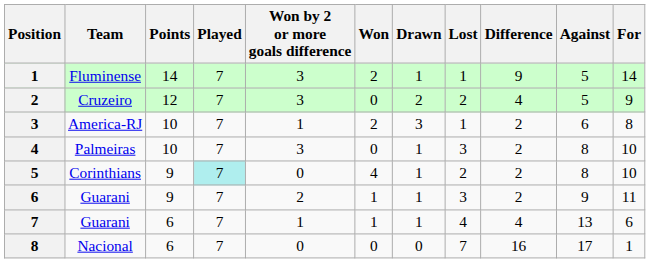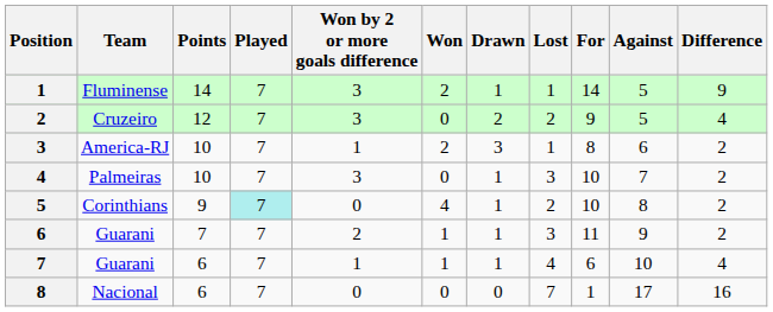 <table class="wikitable" style="text-align:center">
 <tr>
 <th>Position</th>
 <th>Team</th>
 <th>Points</th>
 <th>Played</th>
 <th>Won by 2<br> or more<br> goals difference</th>
 <th>Won</th>
 <th>Drawn</th>
 <th>Lost</th>
+<th>For</th>
+<th>Against</th>
 <th>Difference</th>
-<th>Against</th>
-<th>For</th>
 </tr>
 <tr style="background: #ccffcc;">
 <th>1</th>
 <td><a href='#'>Fluminense</a></td>
 <td>14</td>
 <td>7</td>
 <td>3</td>
 <td>2</td>
 <td>1</td>
 <td>1</td>
+<td>14</td>
+<td>5</td>
 <td>9</td>
-<td>5</td>
-<td>14</td>
 </tr>
 <tr style="background: #ccffcc;">
 <th>2</th>
 <td><a href='#'>Cruzeiro</a></td>
 <td>12</td>
 <td>7</td>
 <td>3</td>
 <td>0</td>
 <td>2</td>
 <td>2</td>
+<td>9</td>
+<td>5</td>
 <td>4</td>
-<td>5</td>
-<td>9</td>
 </tr>
 <tr>
 <th>3</th>
 <td><a href='#'>America-RJ</a></td>
 <td>10</td>
 <td>7</td>
 <td>1</td>
 <td>2</td>
 <td>3</td>
 <td>1</td>
+<td>8</td>
+<td>6</td>
 <td>2</td>
-<td>6</td>
-<td>8</td>
 </tr>
 <tr>
 <th>4</th>
 <td><a href='#'>Palmeiras</a></td>
 <td>10</td>
 <td>7</td>
 <td>3</td>
 <td>0</td>
 <td>1</td>
 <td>3</td>
+<td>10</td>
+<td>7</td>
 <td>2</td>
-<td>8</td>
-<td>10</td>
 </tr>
 <tr>
 <th>5</th>
 <td><a href='#'>Corinthians</a></td>
 <td>9</td>
 <td style="background: paleturquoise;">7</td>
 <td>0</td>
 <td>4</td>
 <td>1</td>
 <td>2</td>
+<td>10</td>
+<td>8</td>
 <td>2</td>
-<td>8</td>
-<td>10</td>
 </tr>
 <tr>
 <th>6</th>
 <td><a href='#'>Guarani</a></td>
-<td>9</td>
+<td>7</td>
 <td>7</td>
 <td>2</td>
 <td>1</td>
 <td>1</td>
 <td>3</td>
+<td>11</td>
+<td>9</td>
 <td>2</td>
-<td>9</td>
-<td>11</td>
 </tr>
 <tr>
 <th>7</th>
 <td><a href='#'>Guarani</a></td>
 <td>6</td>
 <td>7</td>
 <td>1</td>
 <td>1</td>
 <td>1</td>
 <td>4</td>
+<td>6</td>
+<td>10</td>
 <td>4</td>
-<td>13</td>
-<td>6</td>
 </tr>
 <tr>
 <th>8</th>
 <td><a href='#'>Nacional</a></td>
 <td>6</td>
 <td>7</td>
 <td>0</td>
 <td>0</td>
 <td>0</td>
 <td>7</td>
+<td>1</td>
+<td>17</td>
 <td>16</td>
-<td>17</td>
-<td>1</td>
 </tr>
 </table>
